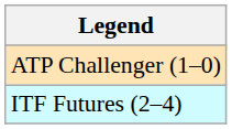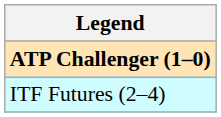 <table class=wikitable style=font-size:90%>
 <tr>
 <th>Legend</th>
 </tr>
 <tr bgcolor=moccasin>
-<td>ATP Challenger (1–0)</td>
+<td><strong>ATP Challenger (1–0)</strong></td>
 </tr>
 <tr bgcolor=cffcff>
 <td>ITF Futures (2–4)</td>
 </tr>
 </table>
